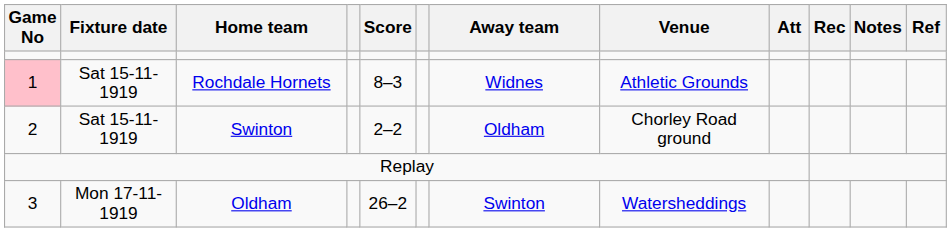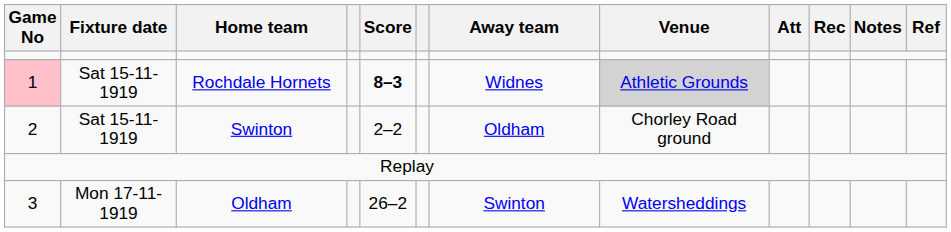 <table class="wikitable" style="text-align:center;">
 <tr>
 <th width=20 abbr="No">Game No</th>
 <th width=100 abbr="Date">Fixture date</th>
 <th width=150 abbr="Home team">Home team</th>
 <th width=5 abbr="space"></th>
 <th width=20 abbr="Score">Score</th>
 <th width=5 abbr="space"></th>
 <th width=150 abbr="Away team">Away team</th>
 <th width=150 abbr="Venue">Venue</th>
 <th width=30 abbr="Att">Att</th>
 <th width=30 abbr="Rec">Rec</th>
 <th width=20 abbr="Notes">Notes</th>
 <th width=30 abbr="Ref">Ref</th>
 </tr>
 <tr>
 <td></td>
 <td></td>
 <td></td>
 <td></td>
 <td></td>
 <td></td>
 <td></td>
 <td></td>
 <td></td>
 <td></td>
 </tr>
 <tr>
 <td style="background: pink;">1</td>
 <td>Sat 15-11-1919</td>
 <td><a href='#'>Rochdale Hornets</a></td>
 <td></td>
-<td>8–3</td>
+<td><strong>8–3</strong></td>
 <td></td>
 <td><a href='#'>Widnes</a></td>
-<td><a href='#'>Athletic Grounds</a></td>
+<td style="background: lightgrey;"><a href='#'>Athletic Grounds</a></td>
 <td></td>
 <td></td>
 <td></td>
 <td></td>
 </tr>
 <tr>
 <td>2</td>
 <td>Sat 15-11-1919</td>
 <td><a href='#'>Swinton</a></td>
 <td></td>
 <td>2–2</td>
 <td></td>
 <td><a href='#'>Oldham</a></td>
 <td>Chorley Road ground</td>
 <td></td>
 <td></td>
 <td></td>
 <td></td>
 </tr>
 <tr>
 <td colspan=9>Replay</td>
 </tr>
 <tr>
 <td>3</td>
 <td>Mon 17-11-1919</td>
 <td><a href='#'>Oldham</a></td>
 <td></td>
 <td>26–2</td>
 <td></td>
 <td><a href='#'>Swinton</a></td>
 <td><a href='#'>Watersheddings</a></td>
 <td></td>
 <td></td>
 <td></td>
 <td></td>
 </tr>
 </table>
